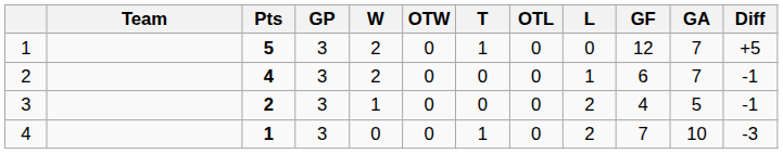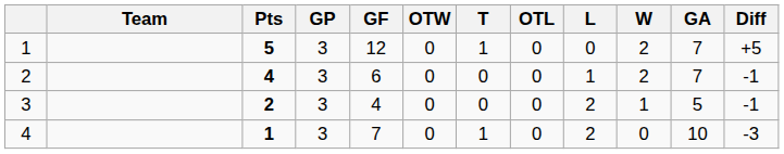 <table class="wikitable" style="text-align:center;">
 <tr>
 <th width=30></th>
 <th width=165>Team</th>
 <th width=40>Pts</th>
 <th width=40>GP</th>
-<th width=40>W</th>
+<th width=40>GF</th>
 <th width=40>OTW</th>
 <th width=40>T</th>
 <th width=40>OTL</th>
 <th width=40>L</th>
-<th width=40>GF</th>
+<th width=40>W</th>
 <th width=40>GA</th>
 <th width=40>Diff</th>
 </tr>
 <tr>
 <td>1</td>
 <td style="text-align:left;"></td>
 <td><strong>5</strong></td>
 <td>3</td>
-<td>2</td>
+<td>12</td>
 <td>0</td>
 <td>1</td>
 <td>0</td>
 <td>0</td>
-<td>12</td>
+<td>2</td>
 <td>7</td>
 <td>+5</td>
 </tr>
 <tr>
 <td>2</td>
 <td style="text-align:left;"></td>
 <td><strong>4</strong></td>
 <td>3</td>
-<td>2</td>
+<td>6</td>
 <td>0</td>
 <td>0</td>
 <td>0</td>
 <td>1</td>
-<td>6</td>
+<td>2</td>
 <td>7</td>
 <td>-1</td>
 </tr>
 <tr>
 <td>3</td>
 <td style="text-align:left;"></td>
 <td><strong>2</strong></td>
 <td>3</td>
-<td>1</td>
+<td>4</td>
 <td>0</td>
 <td>0</td>
 <td>0</td>
 <td>2</td>
-<td>4</td>
+<td>1</td>
 <td>5</td>
 <td>-1</td>
 </tr>
 <tr>
 <td>4</td>
 <td style="text-align:left;"></td>
 <td><strong>1</strong></td>
 <td>3</td>
-<td>0</td>
+<td>7</td>
 <td>0</td>
 <td>1</td>
 <td>0</td>
 <td>2</td>
-<td>7</td>
+<td>0</td>
 <td>10</td>
 <td>-3</td>
 </tr>
 </table>
